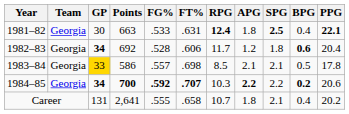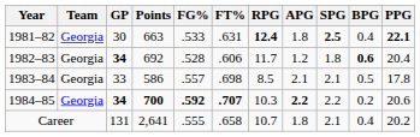 <table class="wikitable"; style="text-align:center">
 <tr>
 <th>Year</th>
 <th>Team</th>
 <th>GP</th>
 <th>Points</th>
 <th>FG%</th>
 <th>FT%</th>
 <th>RPG</th>
 <th>APG</th>
 <th>SPG</th>
 <th>BPG</th>
 <th>PPG</th>
 </tr>
 <tr>
 <td>1981–82</td>
 <td><a href='#'>Georgia</a></td>
 <td>30</td>
 <td>663</td>
 <td>.533</td>
 <td>.631</td>
 <td><strong>12.4</strong></td>
 <td>1.8</td>
 <td><strong>2.5</strong></td>
 <td>0.4</td>
 <td><strong>22.1</strong></td>
 </tr>
 <tr>
 <td>1982–83</td>
 <td>Georgia</td>
 <td><strong>34</strong></td>
 <td>692</td>
 <td>.528</td>
 <td>.606</td>
 <td>11.7</td>
 <td>1.2</td>
 <td>1.8</td>
 <td><strong>0.6</strong></td>
 <td>20.4</td>
 </tr>
 <tr>
 <td>1983–84</td>
 <td>Georgia</td>
-<td style="background: gold;">33</td>
+<td>33</td>
 <td>586</td>
 <td>.557</td>
 <td>.698</td>
 <td>8.5</td>
 <td>2.1</td>
 <td>2.1</td>
 <td>0.5</td>
 <td>17.8</td>
 </tr>
 <tr>
 <td>1984–85</td>
 <td><a href='#'>Georgia</a></td>
 <td><strong>34</strong></td>
 <td><strong>700</strong></td>
 <td><strong>.592</strong></td>
 <td><strong>.707</strong></td>
 <td>10.3</td>
 <td><strong>2.2</strong></td>
 <td>2.2</td>
-<td><strong>0.2</strong></td>
+<td>0.2</td>
 <td>20.6</td>
 </tr>
 <tr>
 <td colspan=2; align=center>Career</td>
 <td>131</td>
 <td>2,641</td>
 <td>.555</td>
 <td>.658</td>
 <td>10.7</td>
 <td>1.8</td>
 <td>2.1</td>
 <td>0.4</td>
 <td>20.2</td>
 </tr>
 </table>
